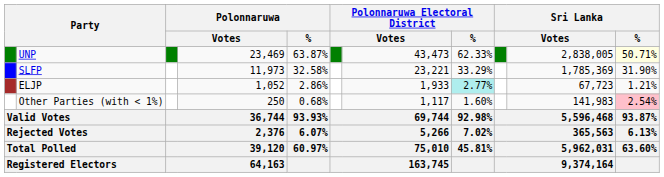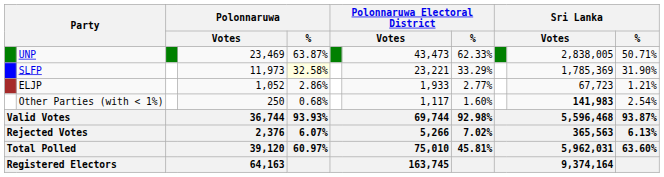 <table class="wikitable">
 <tr>
 <th colspan="2" width="144px"rowspan="2">Party</th>
 <th colspan="3" width="216px">Polonnaruwa</th>
 <th colspan="3" width="216px"><a href='#'>Polonnaruwa Electoral District</a></th>
 <th colspan="3" width="216px">Sri Lanka</th>
 </tr>
 <tr>
 <th colspan="2" width="144px">Votes</th>
 <th>%</th>
 <th colspan="2" width="144px">Votes</th>
 <th>%</th>
 <th colspan="2" width="144px">Votes</th>
 <th>%</th>
 </tr>
 <tr>
 <td style="background-color:green;" width="10px"></td>
 <td style="text-align:left;"><a href='#'>UNP</a></td>
 <td style="background-color:green;" width="10px"></td>
 <td style="text-align:right;">23,469</td>
 <td style="text-align:right;">63.87%</td>
 <td style="background-color:green;" width="10px"></td>
 <td style="text-align:right;">43,473</td>
 <td style="text-align:right;">62.33%</td>
 <td style="background-color:green;" width="10px"></td>
 <td style="text-align:right;">2,838,005</td>
-<td style="background: lightyellow; text-align:right;">50.71%</td>
+<td style="text-align:right;">50.71%</td>
 </tr>
 <tr>
 <td style="background-color:blue;" width="10px"></td>
 <td style="text-align:left;"><a href='#'>SLFP</a></td>
 <td style="background-color:white;" width="10px"></td>
 <td style="text-align:right;">11,973</td>
-<td style="text-align:right;">32.58%</td>
+<td style="background: lightyellow; text-align:right;">32.58%</td>
 <td style="background-color:white;" width="10px"></td>
 <td style="text-align:right;">23,221</td>
 <td style="text-align:right;">33.29%</td>
 <td style="background-color:white;" width="10px"></td>
 <td style="text-align:right;">1,785,369</td>
 <td style="text-align:right;">31.90%</td>
 </tr>
 <tr>
 <td style="background-color:brown;" width="10px"></td>
 <td style="text-align:left;">ELJP</td>
 <td style="background-color:white;" width="10px"></td>
 <td style="text-align:right;">1,052</td>
 <td style="text-align:right;">2.86%</td>
 <td style="background-color:white;" width="10px"></td>
 <td style="text-align:right;">1,933</td>
-<td style="background: paleturquoise; text-align:right;">2.77%</td>
+<td style="text-align:right;">2.77%</td>
 <td style="background-color:white;" width="10px"></td>
 <td style="text-align:right;">67,723</td>
 <td style="text-align:right;">1.21%</td>
 </tr>
 <tr>
 <td style="background-color:white;" width="10px"></td>
 <td style="text-align:left;">Other Parties (with < 1%)</td>
 <td style="background-color:white;" width="10px"></td>
 <td style="text-align:right;">250</td>
 <td style="text-align:right;">0.68%</td>
 <td style="background-color:white;" width="10px"></td>
 <td style="text-align:right;">1,117</td>
 <td style="text-align:right;">1.60%</td>
 <td style="background-color:white;" width="10px"></td>
-<td style="text-align:right;">141,983</td>
-<td style="background: pink; text-align:right;">2.54%</td>
+<td style="text-align:right;"><strong>141,983</strong></td>
+<td style="text-align:right;">2.54%</td>
 </tr>
 <tr>
 <th colspan="2" width="144px"style="text-align:left;">Valid Votes</th>
 <th style="text-align:right;"colspan="2" width="144px">36,744</th>
 <th style="text-align:right;">93.93%</th>
 <th style="text-align:right;"colspan="2" width="144px">69,744</th>
 <th style="text-align:right;">92.98%</th>
 <th style="text-align:right;"colspan="2" width="144px">5,596,468</th>
 <th style="text-align:right;">93.87%</th>
 </tr>
 <tr>
 <th colspan="2" width="144px"style="text-align:left;">Rejected Votes</th>
 <th style="text-align:right;"colspan="2" width="144px">2,376</th>
 <th style="text-align:right;">6.07%</th>
 <th style="text-align:right;"colspan="2" width="144px">5,266</th>
 <th style="text-align:right;">7.02%</th>
 <th style="text-align:right;"colspan="2" width="144px">365,563</th>
 <th style="text-align:right;">6.13%</th>
 </tr>
 <tr>
 <th colspan="2" width="144px"style="text-align:left;">Total Polled</th>
 <th style="text-align:right;"colspan="2" width="144px">39,120</th>
 <th style="text-align:right;">60.97%</th>
 <th style="text-align:right;"colspan="2" width="144px">75,010</th>
 <th style="text-align:right;">45.81%</th>
 <th style="text-align:right;"colspan="2" width="144px">5,962,031</th>
 <th style="text-align:right;">63.60%</th>
 </tr>
 <tr>
 <th colspan="2" width="144px"style="text-align:left;">Registered Electors</th>
 <th style="text-align:right;"colspan="2" width="144px">64,163</th>
 <th></th>
 <th style="text-align:right;"colspan="2" width="144px">163,745</th>
 <th></th>
 <th style="text-align:right;"colspan="2" width="144px">9,374,164</th>
 <th></th>
 </tr>
 </table>
